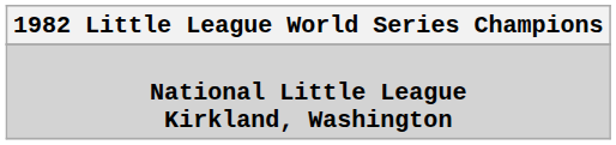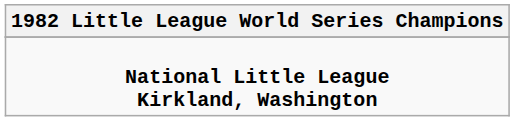 <table class="wikitable" style="text-align: center; margin: 0 auto;">
 <tr>
 <th>1982 Little League World Series Champions</th>
 </tr>
 <tr>
 </tr>
 <tr>
-<td style="background: lightgrey;"><br><strong>National Little League</strong><br><strong>Kirkland, Washington</strong></td>
+<td><br><strong>National Little League</strong><br><strong>Kirkland, Washington</strong></td>
 </tr>
 </table>
